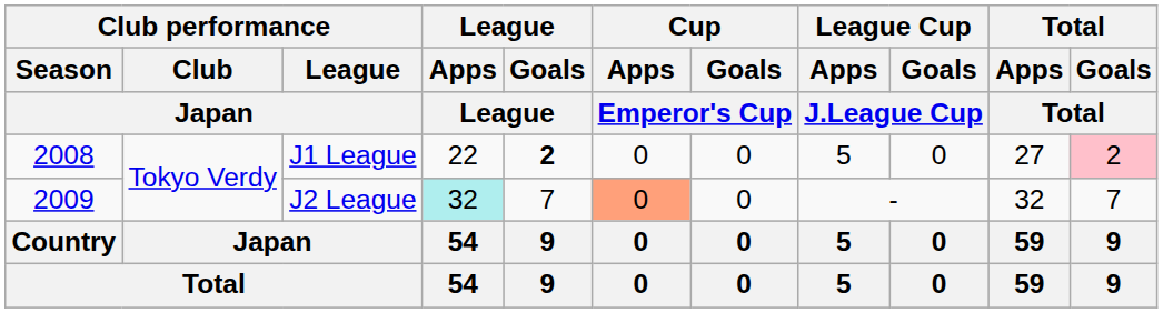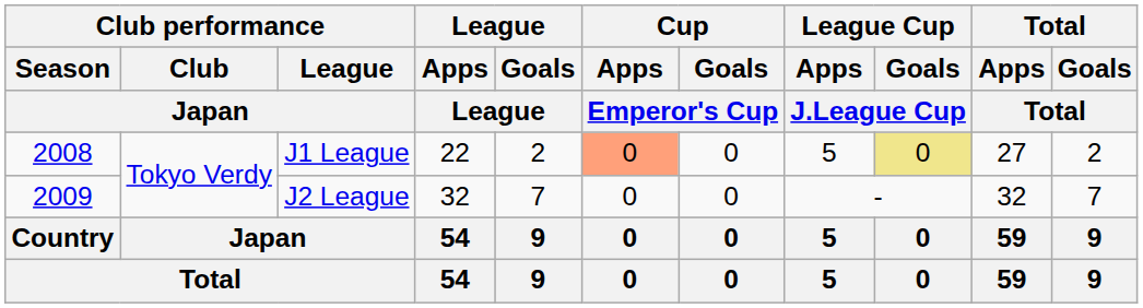 <table class="wikitable" style="text-align:center;">
 <tr>
 <th colspan=3>Club performance</th>
 <th colspan=2>League</th>
 <th colspan=2>Cup</th>
 <th colspan=2>League Cup</th>
 <th colspan=2>Total</th>
 </tr>
 <tr>
 <th>Season</th>
 <th>Club</th>
 <th>League</th>
 <th>Apps</th>
 <th>Goals</th>
 <th>Apps</th>
 <th>Goals</th>
 <th>Apps</th>
 <th>Goals</th>
 <th>Apps</th>
 <th>Goals</th>
 </tr>
 <tr>
 <th colspan=3>Japan</th>
 <th colspan=2>League</th>
 <th colspan=2><a href='#'>Emperor's Cup</a></th>
 <th colspan=2><a href='#'>J.League Cup</a></th>
 <th colspan=2>Total</th>
 </tr>
 <tr>
 <td><a href='#'>2008</a></td>
 <td rowspan="2"><a href='#'>Tokyo Verdy</a></td>
 <td><a href='#'>J1 League</a></td>
 <td>22</td>
-<td><strong>2</strong></td>
-<td>0</td>
+<td>2</td>
+<td style="background: lightsalmon;">0</td>
 <td>0</td>
 <td>5</td>
-<td>0</td>
+<td style="background: khaki;">0</td>
 <td>27</td>
-<td style="background: pink;">2</td>
+<td>2</td>
 </tr>
 <tr>
 <td><a href='#'>2009</a></td>
 <td><a href='#'>J2 League</a></td>
-<td style="background: paleturquoise;">32</td>
+<td>32</td>
 <td>7</td>
-<td style="background: lightsalmon;">0</td>
+<td>0</td>
 <td>0</td>
 <td colspan="2">-</td>
 <td>32</td>
 <td>7</td>
 </tr>
 <tr>
 <th rowspan=1>Country</th>
 <th colspan=2>Japan</th>
 <th>54</th>
 <th>9</th>
 <th>0</th>
 <th>0</th>
 <th>5</th>
 <th>0</th>
 <th>59</th>
 <th>9</th>
 </tr>
 <tr>
 <th colspan=3>Total</th>
 <th>54</th>
 <th>9</th>
 <th>0</th>
 <th>0</th>
 <th>5</th>
 <th>0</th>
 <th>59</th>
 <th>9</th>
 </tr>
 </table>
